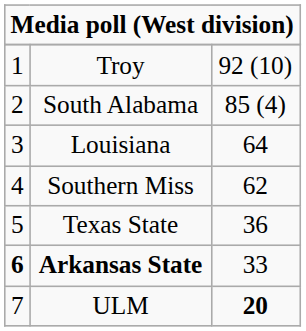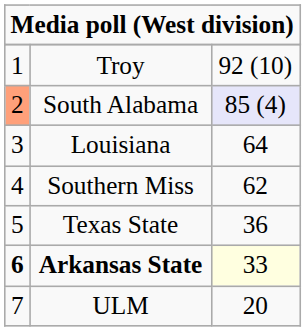 <table class="wikitable" style="display: inline-table;">
 <tr>
 <td align="center" Colspan="3"><strong>Media poll (West division)</strong></td>
 </tr>
 <tr align="center">
 </tr>
 <tr align="center">
 <td>1</td>
 <td>Troy</td>
 <td>92 (10)</td>
 </tr>
 <tr align="center">
-<td>2</td>
+<td style="background: lightsalmon;">2</td>
 <td>South Alabama</td>
-<td>85 (4)</td>
+<td style="background: lavender;">85 (4)</td>
 </tr>
 <tr align="center">
 <td>3</td>
 <td>Louisiana</td>
 <td>64</td>
 </tr>
 <tr align="center">
 <td>4</td>
 <td>Southern Miss</td>
 <td>62</td>
 </tr>
 <tr align="center">
 <td>5</td>
 <td>Texas State</td>
 <td>36</td>
 </tr>
 <tr align="center">
 <td><strong>6</strong></td>
 <td><strong>Arkansas State</strong></td>
-<td>33</td>
+<td style="background: lightyellow;">33</td>
 </tr>
 <tr align="center">
 <td>7</td>
 <td>ULM</td>
-<td><strong>20</strong></td>
+<td>20</td>
 </tr>
 </table>
